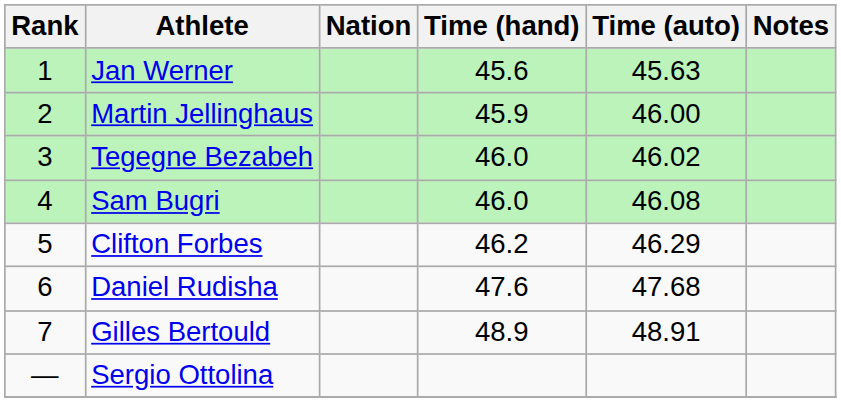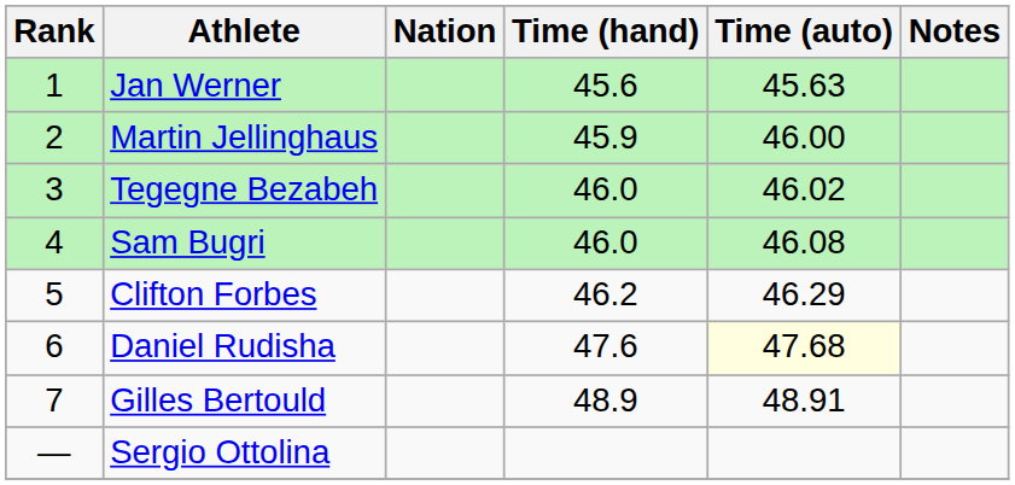 <table class="wikitable sortable" style="text-align:center">
 <tr>
 <th>Rank</th>
 <th>Athlete</th>
 <th>Nation</th>
 <th>Time (hand)</th>
 <th>Time (auto)</th>
 <th>Notes</th>
 </tr>
 <tr bgcolor=bbf3bb>
 <td>1</td>
 <td align=left><a href='#'>Jan Werner</a></td>
 <td align=left></td>
 <td>45.6</td>
 <td>45.63</td>
 <td></td>
 </tr>
 <tr bgcolor=bbf3bb>
 <td>2</td>
 <td align=left><a href='#'>Martin Jellinghaus</a></td>
 <td align=left></td>
 <td>45.9</td>
 <td>46.00</td>
 <td></td>
 </tr>
 <tr bgcolor=bbf3bb>
 <td>3</td>
 <td align=left><a href='#'>Tegegne Bezabeh</a></td>
 <td align=left></td>
 <td>46.0</td>
 <td>46.02</td>
 <td></td>
 </tr>
 <tr bgcolor=bbf3bb>
 <td>4</td>
 <td align=left><a href='#'>Sam Bugri</a></td>
 <td align=left></td>
 <td>46.0</td>
 <td>46.08</td>
 <td></td>
 </tr>
 <tr>
 <td>5</td>
 <td align=left><a href='#'>Clifton Forbes</a></td>
 <td align=left></td>
 <td>46.2</td>
 <td>46.29</td>
 <td></td>
 </tr>
 <tr>
 <td>6</td>
 <td align=left><a href='#'>Daniel Rudisha</a></td>
 <td align=left></td>
 <td>47.6</td>
-<td>47.68</td>
+<td style="background: lightyellow;">47.68</td>
 <td></td>
 </tr>
 <tr>
 <td>7</td>
 <td align=left><a href='#'>Gilles Bertould</a></td>
 <td align=left></td>
 <td>48.9</td>
 <td>48.91</td>
 <td></td>
 </tr>
 <tr>
 <td data-sort-value=8>—</td>
 <td align=left><a href='#'>Sergio Ottolina</a></td>
 <td align=left></td>
 <td></td>
 <td></td>
 <td></td>
 </tr>
 <tr>
 </tr>
 </table>
